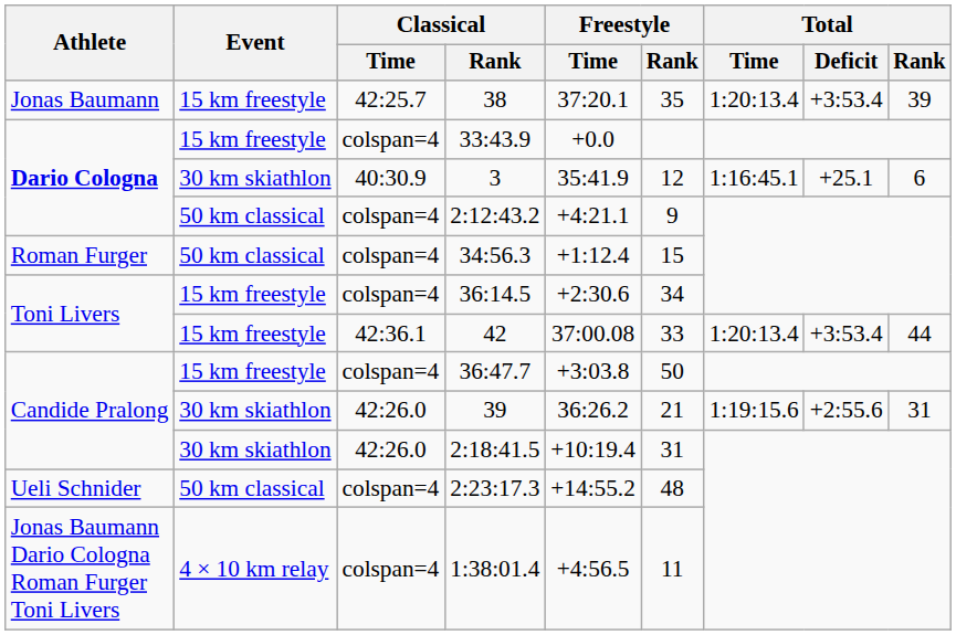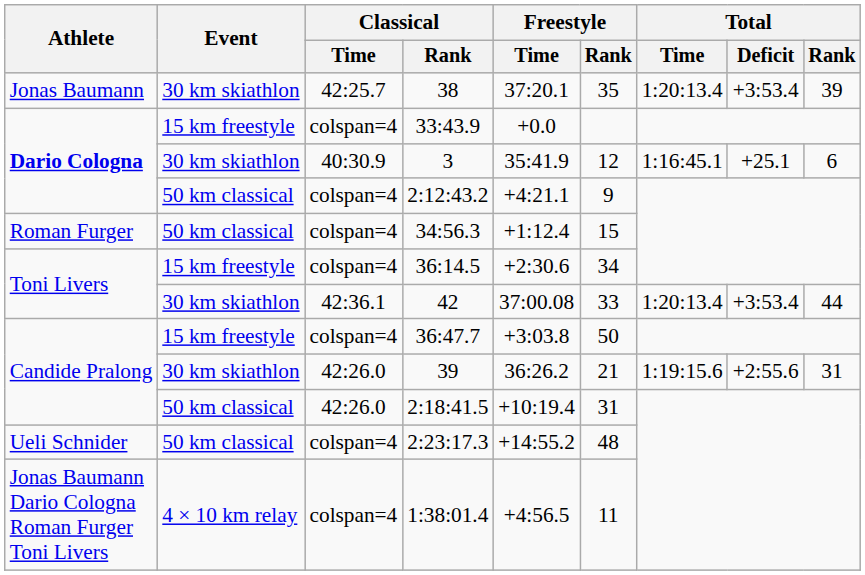 <table class="wikitable" style="font-size:90%">
 <tr>
 <th rowspan=2>Athlete</th>
 <th rowspan=2>Event</th>
 <th colspan=2>Classical</th>
 <th colspan=2>Freestyle</th>
 <th colspan=3>Total</th>
 </tr>
 <tr style="font-size:95%">
 <th>Time</th>
 <th>Rank</th>
 <th>Time</th>
 <th>Rank</th>
 <th>Time</th>
 <th>Deficit</th>
 <th>Rank</th>
 </tr>
 <tr align=center>
 <td align=left><a href='#'>Jonas Baumann</a></td>
-<td align=left><a href='#'>15 km freestyle</a></td>
+<td align=left><a href='#'>30 km skiathlon</a></td>
 <td>42:25.7</td>
 <td>38</td>
 <td>37:20.1</td>
 <td>35</td>
 <td>1:20:13.4</td>
 <td>+3:53.4</td>
 <td>39</td>
 </tr>
 <tr align=center>
 <td align=left rowspan=3><strong><a href='#'>Dario Cologna</a></strong></td>
 <td align=left><a href='#'>15 km freestyle</a></td>
 <td>colspan=4 </td>
 <td>33:43.9</td>
 <td>+0.0</td>
 <td></td>
 </tr>
 <tr align=center>
 <td align=left><a href='#'>30 km skiathlon</a></td>
 <td>40:30.9</td>
 <td>3</td>
 <td>35:41.9</td>
 <td>12</td>
 <td>1:16:45.1</td>
 <td>+25.1</td>
 <td>6</td>
 </tr>
 <tr align=center>
 <td align=left><a href='#'>50 km classical</a></td>
 <td>colspan=4 </td>
 <td>2:12:43.2</td>
 <td>+4:21.1</td>
 <td>9</td>
 </tr>
 <tr align=center>
 <td align=left><a href='#'>Roman Furger</a></td>
 <td align=left><a href='#'>50 km classical</a></td>
 <td>colspan=4 </td>
 <td>34:56.3</td>
 <td>+1:12.4</td>
 <td>15</td>
 </tr>
 <tr align=center>
 <td align=left rowspan=2><a href='#'>Toni Livers</a></td>
 <td align=left><a href='#'>15 km freestyle</a></td>
 <td>colspan=4 </td>
 <td>36:14.5</td>
 <td>+2:30.6</td>
 <td>34</td>
 </tr>
 <tr align=center>
-<td align=left><a href='#'>15 km freestyle</a></td>
+<td align=left><a href='#'>30 km skiathlon</a></td>
 <td>42:36.1</td>
 <td>42</td>
 <td>37:00.08</td>
 <td>33</td>
 <td>1:20:13.4</td>
 <td>+3:53.4</td>
 <td>44</td>
 </tr>
 <tr align=center>
 <td align=left rowspan=3><a href='#'>Candide Pralong</a></td>
 <td align=left><a href='#'>15 km freestyle</a></td>
 <td>colspan=4 </td>
 <td>36:47.7</td>
 <td>+3:03.8</td>
 <td>50</td>
 </tr>
 <tr align=center>
 <td align=left><a href='#'>30 km skiathlon</a></td>
 <td>42:26.0</td>
 <td>39</td>
 <td>36:26.2</td>
 <td>21</td>
 <td>1:19:15.6</td>
 <td>+2:55.6</td>
 <td>31</td>
 </tr>
 <tr align=center>
-<td align=left><a href='#'>30 km skiathlon</a></td>
+<td align=left><a href='#'>50 km classical</a></td>
 <td>42:26.0</td>
 <td>2:18:41.5</td>
 <td>+10:19.4</td>
 <td>31</td>
 </tr>
 <tr align=center>
 <td align=left><a href='#'>Ueli Schnider</a></td>
 <td align=left><a href='#'>50 km classical</a></td>
 <td>colspan=4 </td>
 <td>2:23:17.3</td>
 <td>+14:55.2</td>
 <td>48</td>
 </tr>
 <tr align=center>
 <td align=left><a href='#'>Jonas Baumann</a><br><a href='#'>Dario Cologna</a><br><a href='#'>Roman Furger</a><br><a href='#'>Toni Livers</a></td>
 <td align=left><a href='#'>4 × 10 km relay</a></td>
 <td>colspan=4 </td>
 <td>1:38:01.4</td>
 <td>+4:56.5</td>
 <td>11</td>
 </tr>
 </table>
